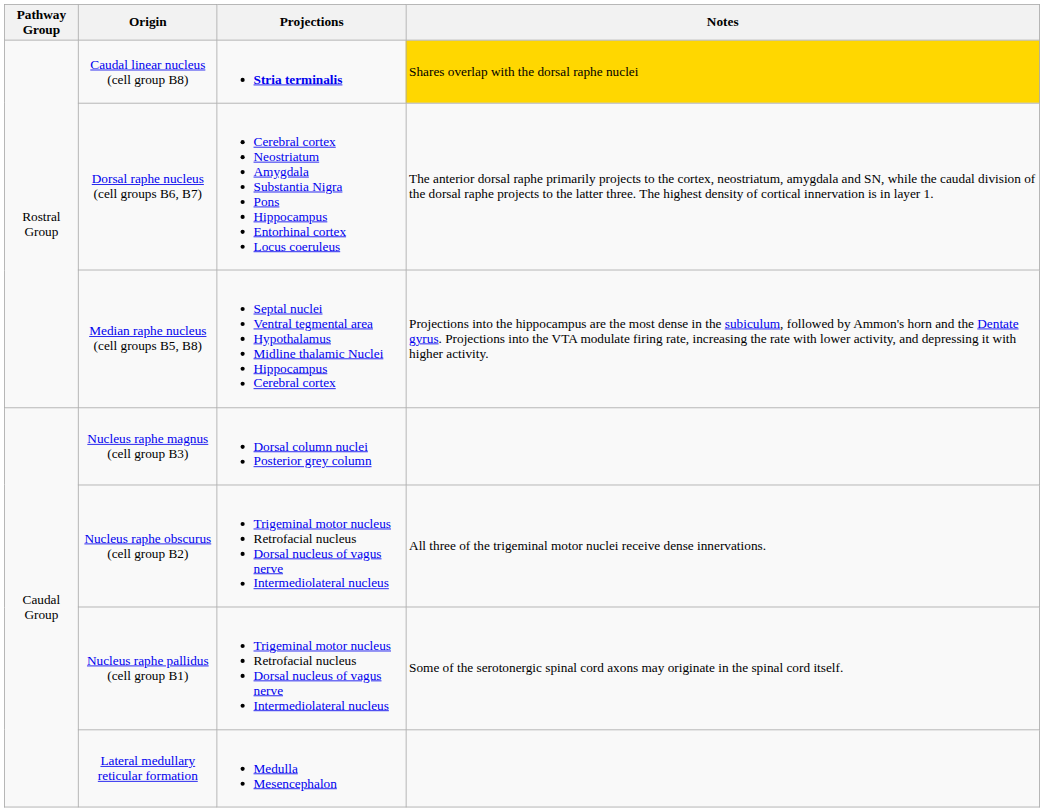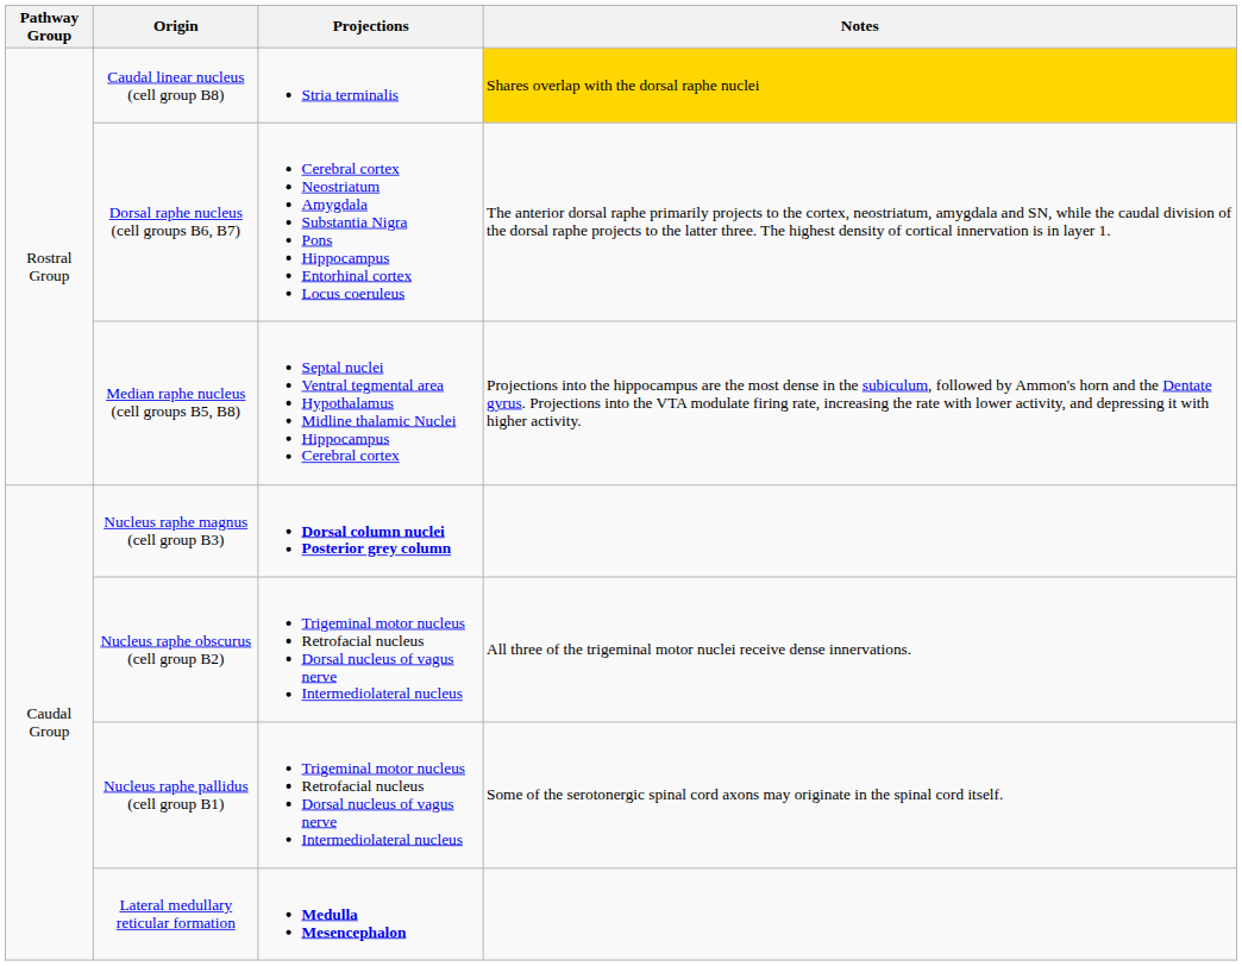 <table class="wikitable">
 <tr>
 <th scope="col">Pathway Group</th>
 <th scope="col" style="width: 160px;">Origin</th>
 <th scope="col" style="width: 220px;">Projections</th>
 <th scope="col">Notes</th>
 </tr>
 <tr>
 <td rowspan="3" style="text-align:center">Rostral Group</td>
 <td style="text-align:center"><a href='#'>Caudal linear nucleus</a><br>(cell group B8)</td>
-<td><strong><br><ul><li><a href='#'>Stria terminalis</a></li></ul></strong></td>
+<td><br><ul><li><a href='#'>Stria terminalis</a></li></ul></td>
 <td style="background: gold;">Shares overlap with the dorsal raphe nuclei</td>
 </tr>
 <tr>
 <td style="text-align:center"><a href='#'>Dorsal raphe nucleus</a><br>(cell groups B6, B7)</td>
 <td><br><ul><li><a href='#'>Cerebral cortex</a></li><li><a href='#'>Neostriatum</a></li><li><a href='#'>Amygdala</a></li><li><a href='#'>Substantia Nigra</a></li><li><a href='#'>Pons</a></li><li><a href='#'>Hippocampus</a></li><li><a href='#'>Entorhinal cortex</a></li><li><a href='#'>Locus coeruleus</a></li></ul></td>
 <td>The anterior dorsal raphe primarily projects to the cortex, neostriatum, amygdala and SN, while the caudal division of the dorsal raphe projects to the latter three.  The highest density of cortical innervation is in layer 1.</td>
 </tr>
 <tr>
 <td style="text-align:center"><a href='#'>Median raphe nucleus</a><br>(cell groups B5, B8)</td>
 <td><br><ul><li><a href='#'>Septal nuclei</a></li><li><a href='#'>Ventral tegmental area</a></li><li><a href='#'>Hypothalamus</a></li><li><a href='#'>Midline thalamic Nuclei</a></li><li><a href='#'>Hippocampus</a></li><li><a href='#'>Cerebral cortex</a></li></ul></td>
 <td>Projections into the hippocampus are the most dense in the <a href='#'>subiculum</a>, followed by Ammon's horn and the <a href='#'>Dentate gyrus</a>.  Projections into the VTA modulate firing rate, increasing the rate with lower activity, and depressing it with higher activity.</td>
 </tr>
 <tr>
 <td rowspan="4" style="text-align:center">Caudal Group</td>
 <td style="text-align:center"><a href='#'>Nucleus raphe magnus</a><br>(cell group B3)</td>
-<td><br><ul><li><a href='#'>Dorsal column nuclei</a></li><li><a href='#'>Posterior grey column</a></li></ul></td>
+<td><strong><br><ul><li><a href='#'>Dorsal column nuclei</a></li><li><a href='#'>Posterior grey column</a></li></ul></strong></td>
 <td></td>
 </tr>
 <tr>
 <td style="text-align:center"><a href='#'>Nucleus raphe obscurus</a><br>(cell group B2)</td>
 <td><br><ul><li><a href='#'>Trigeminal motor nucleus</a></li><li>Retrofacial nucleus</li><li><a href='#'>Dorsal nucleus of vagus nerve</a></li><li><a href='#'>Intermediolateral nucleus</a></li></ul></td>
 <td>All three of the trigeminal motor nuclei receive dense innervations.</td>
 </tr>
 <tr>
 <td style="text-align:center"><a href='#'>Nucleus raphe pallidus</a><br>(cell group B1)</td>
 <td><br><ul><li><a href='#'>Trigeminal motor nucleus</a></li><li>Retrofacial nucleus</li><li><a href='#'>Dorsal nucleus of vagus nerve</a></li><li><a href='#'>Intermediolateral nucleus</a></li></ul></td>
 <td>Some of the serotonergic spinal cord axons may originate in the spinal cord itself.</td>
 </tr>
 <tr>
 <td style="text-align:center"><a href='#'>Lateral medullary<br>reticular formation</a></td>
-<td><br><ul><li><a href='#'>Medulla</a></li><li><a href='#'>Mesencephalon</a></li></ul></td>
+<td><strong><br><ul><li><a href='#'>Medulla</a></li><li><a href='#'>Mesencephalon</a></li></ul></strong></td>
 <td></td>
 </tr>
 </table>
